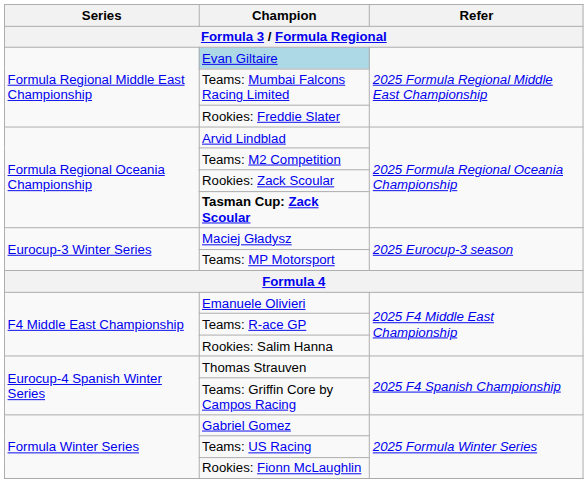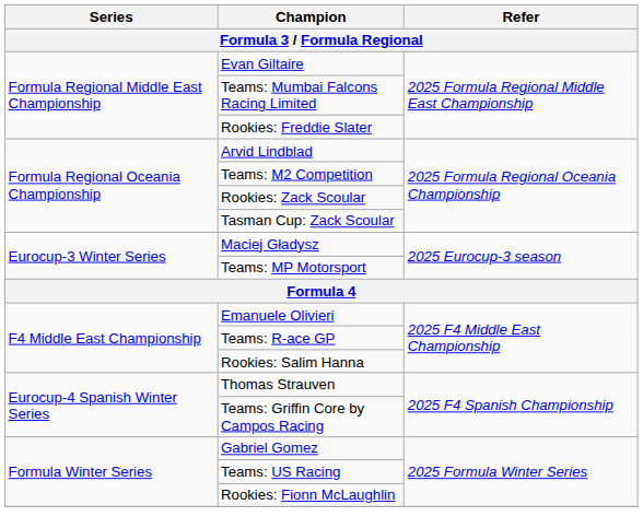 <table class="wikitable" style="font-size:87%;">
 <tr>
 <th>Series</th>
 <th>Champion</th>
 <th>Refer</th>
 </tr>
 <tr>
 <th colspan=3><a href='#'>Formula 3</a> / <a href='#'>Formula Regional</a></th>
 </tr>
 <tr>
 <td rowspan=3><a href='#'>Formula Regional Middle East Championship</a></td>
-<td style="background: lightblue;"> <a href='#'>Evan Giltaire</a></td>
+<td> <a href='#'>Evan Giltaire</a></td>
 <td rowspan=3><em><a href='#'>2025 Formula Regional Middle East Championship</a></em></td>
 </tr>
 <tr>
 <td>Teams:  <a href='#'>Mumbai Falcons Racing Limited</a></td>
 </tr>
 <tr>
 <td>Rookies:  <a href='#'>Freddie Slater</a></td>
 </tr>
 <tr>
 <td rowspan=4><a href='#'>Formula Regional Oceania Championship</a></td>
 <td> <a href='#'>Arvid Lindblad</a></td>
 <td rowspan=4><em><a href='#'>2025 Formula Regional Oceania Championship</a></em></td>
 </tr>
 <tr>
 <td>Teams:  <a href='#'>M2 Competition</a></td>
 </tr>
 <tr>
 <td>Rookies:  <a href='#'>Zack Scoular</a></td>
 </tr>
 <tr>
-<td><strong>Tasman Cup:  <a href='#'>Zack Scoular</a></strong></td>
+<td>Tasman Cup:  <a href='#'>Zack Scoular</a></td>
 </tr>
 <tr>
 <td rowspan=2><a href='#'>Eurocup-3 Winter Series</a></td>
 <td> <a href='#'>Maciej Gładysz</a></td>
 <td rowspan=2><em><a href='#'>2025 Eurocup-3 season</a></em></td>
 </tr>
 <tr>
 <td>Teams:  <a href='#'>MP Motorsport</a></td>
 </tr>
 <tr>
 <th colspan=3><a href='#'>Formula 4</a></th>
 </tr>
 <tr>
 <td rowspan=3><a href='#'>F4 Middle East Championship</a></td>
 <td> <a href='#'>Emanuele Olivieri</a></td>
 <td rowspan=3><em><a href='#'>2025 F4 Middle East Championship</a></em></td>
 </tr>
 <tr>
 <td>Teams:  <a href='#'>R-ace GP</a></td>
 </tr>
 <tr>
 <td>Rookies:  Salim Hanna</td>
 </tr>
 <tr>
 <td rowspan=2><a href='#'>Eurocup-4 Spanish Winter Series</a></td>
 <td> Thomas Strauven</td>
 <td rowspan=2><em><a href='#'>2025 F4 Spanish Championship</a></em></td>
 </tr>
 <tr>
 <td>Teams:  Griffin Core by <a href='#'>Campos Racing</a></td>
 </tr>
 <tr>
 <td rowspan=3><a href='#'>Formula Winter Series</a></td>
 <td> <a href='#'>Gabriel Gomez</a></td>
 <td rowspan=3><em><a href='#'>2025 Formula Winter Series</a></em></td>
 </tr>
 <tr>
 <td>Teams:  <a href='#'>US Racing</a></td>
 </tr>
 <tr>
 <td>Rookies:  <a href='#'>Fionn McLaughlin</a></td>
 </tr>
 <tr>
 </tr>
 </table>
